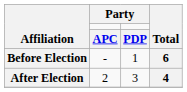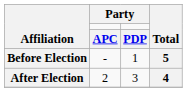 <table class=wikitable style="text-align:center">
 <tr style="vertical-align:bottom;">
 <th rowspan=3>Affiliation</th>
 <th colspan=2>Party</th>
 <th rowspan=3>Total</th>
 </tr>
 <tr>
 <td style="background-color:"></td>
 <td style="background-color:"></td>
 </tr>
 <tr>
 <th><a href='#'>APC</a></th>
 <th><a href='#'>PDP</a></th>
 </tr>
 <tr>
 <th>Before Election</th>
 <td>-</td>
 <td>1</td>
-<th>6</th>
+<th>5</th>
 </tr>
 <tr>
 <th>After Election</th>
 <td>2</td>
 <td>3</td>
 <th>4</th>
 </tr>
 <tr>
 </tr>
 </table>
